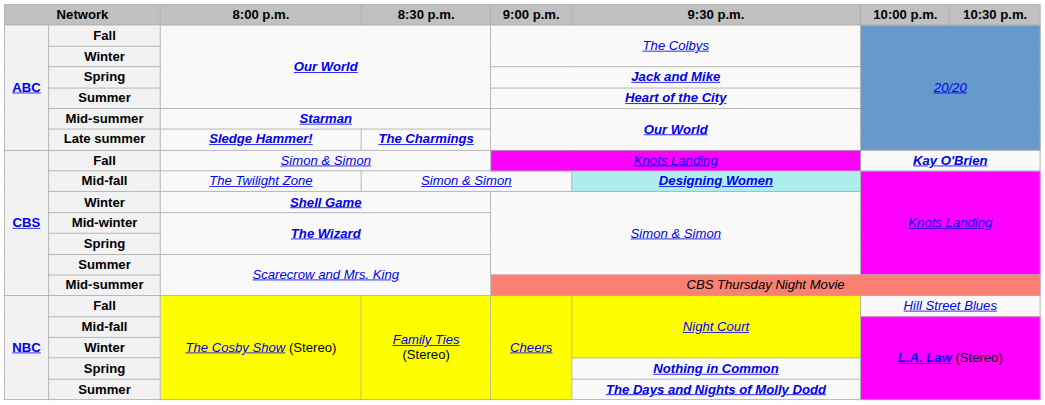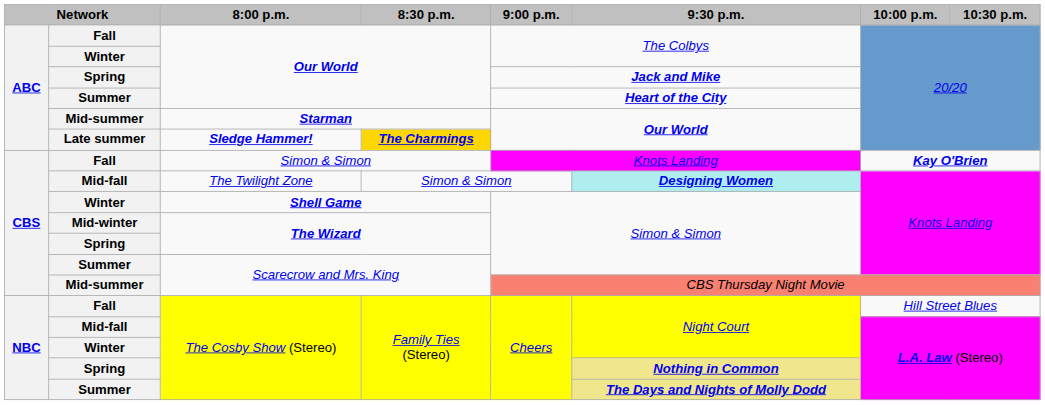 <table class="wikitable" style="width:100%;margin-right:0;text-align:center">
 <tr>
 <th colspan="2" style="background-color:#C0C0C0;text-align:center">Network</th>
 <th style="background-color:#C0C0C0;text-align:center">8:00 p.m.</th>
 <th style="background-color:#C0C0C0;text-align:center">8:30 p.m.</th>
 <th style="background-color:#C0C0C0;text-align:center">9:00 p.m.</th>
 <th style="background-color:#C0C0C0;text-align:center">9:30 p.m.</th>
 <th style="background-color:#C0C0C0;text-align:center">10:00 p.m.</th>
 <th style="background-color:#C0C0C0;text-align:center">10:30 p.m.</th>
 </tr>
 <tr>
 <th rowspan="6"><a href='#'>ABC</a></th>
 <th>Fall</th>
 <td rowspan="4" colspan="2"><strong><em><a href='#'>Our World</a></em></strong></td>
 <td rowspan="2" colspan="2"><em><a href='#'>The Colbys</a></em></td>
 <td rowspan="6" colspan="2" style="background:#6699CC;"><em><a href='#'>20/20</a></em></td>
 </tr>
 <tr>
 <th>Winter</th>
 </tr>
 <tr>
 <th>Spring</th>
 <td colspan="2"><strong><em><a href='#'>Jack and Mike</a></em></strong></td>
 </tr>
 <tr>
 <th>Summer</th>
 <td colspan="2"><strong><em><a href='#'>Heart of the City</a></em></strong></td>
 </tr>
 <tr>
 <th>Mid-summer</th>
 <td colspan="2"><strong><em><a href='#'>Starman</a></em></strong></td>
 <td rowspan="2" colspan="2"><strong><em><a href='#'>Our World</a></em></strong></td>
 </tr>
 <tr>
 <th>Late summer</th>
 <td><strong><em><a href='#'>Sledge Hammer!</a></em></strong></td>
-<td><strong><em><a href='#'>The Charmings</a></em></strong></td>
+<td style="background: gold;"><strong><em><a href='#'>The Charmings</a></em></strong></td>
 </tr>
 <tr>
 <th rowspan="7"><a href='#'>CBS</a></th>
 <th>Fall</th>
 <td colspan="2"><em><a href='#'>Simon & Simon</a></em></td>
 <td style="background:#FF00FF;" colspan="2"><em><a href='#'>Knots Landing</a></em> </td>
 <td colspan="2"><strong><em><a href='#'>Kay O'Brien</a></em></strong></td>
 </tr>
 <tr>
 <th>Mid-fall</th>
 <td><em><a href='#'>The Twilight Zone</a></em></td>
 <td colspan="2"><em><a href='#'>Simon & Simon</a></em></td>
 <td style="background: paleturquoise;"><strong><em><a href='#'>Designing Women</a></em></strong></td>
 <td bgcolor="#FF00FF" rowspan="5" colspan="2"><em><a href='#'>Knots Landing</a></em> </td>
 </tr>
 <tr>
 <th>Winter</th>
 <td colspan="2"><strong><em><a href='#'>Shell Game</a></em></strong></td>
 <td rowspan="4" colspan="2"><em><a href='#'>Simon & Simon</a></em></td>
 </tr>
 <tr>
 <th>Mid-winter</th>
 <td rowspan="2" colspan="2"><strong><em><a href='#'>The Wizard</a></em></strong></td>
 </tr>
 <tr>
 <th>Spring</th>
 </tr>
 <tr>
 <th>Summer</th>
 <td rowspan="2" colspan="2"><em><a href='#'>Scarecrow and Mrs. King</a></em></td>
 </tr>
 <tr>
 <th>Mid-summer</th>
 <td colspan="4" style="background:#FA8072;"><em>CBS Thursday Night Movie</em></td>
 </tr>
 <tr>
 <th rowspan="5"><a href='#'>NBC</a></th>
 <th>Fall</th>
 <td style="background:#FFFF00;" rowspan="5"><em><a href='#'>The Cosby Show</a></em> (Stereo)<br></td>
 <td style="background:#FFFF00;" rowspan="5"><em><a href='#'>Family Ties</a></em><br>(Stereo) </td>
 <td style="background:#FFFF00;" rowspan="5"><em><a href='#'>Cheers</a></em> </td>
 <td style="background:#FFFF00;" rowspan="3"><em><a href='#'>Night Court</a></em> </td>
 <td colspan="2"><em><a href='#'>Hill Street Blues</a></em></td>
 </tr>
 <tr>
 <th>Mid-fall</th>
 <td style="background:#FF00FF;" rowspan="4" colspan="2"><strong><em><a href='#'>L.A. Law</a></em></strong> (Stereo) </td>
 </tr>
 <tr>
 <th>Winter</th>
 </tr>
 <tr>
 <th>Spring</th>
-<td><strong><em><a href='#'>Nothing in Common</a></em></strong></td>
+<td style="background: khaki;"><strong><em><a href='#'>Nothing in Common</a></em></strong></td>
 </tr>
 <tr>
 <th>Summer</th>
-<td><strong><em><a href='#'>The Days and Nights of Molly Dodd</a></em></strong></td>
+<td style="background: khaki;"><strong><em><a href='#'>The Days and Nights of Molly Dodd</a></em></strong></td>
 </tr>
 </table>
